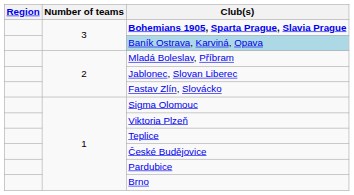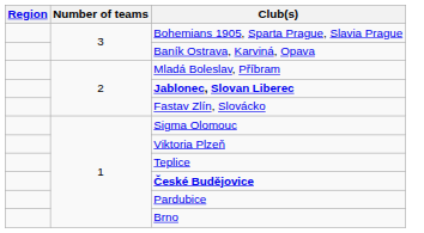 <table class="wikitable">
 <tr>
 <th><a href='#'>Region</a></th>
 <th>Number of teams</th>
 <th>Club(s)</th>
 </tr>
 <tr>
 <td></td>
 <td align="center" rowspan=2>3</td>
-<td><strong><a href='#'>Bohemians 1905</a>, <a href='#'>Sparta Prague</a>, <a href='#'>Slavia Prague</a></strong></td>
+<td><a href='#'>Bohemians 1905</a>, <a href='#'>Sparta Prague</a>, <a href='#'>Slavia Prague</a></td>
 </tr>
 <tr>
 <td></td>
-<td style="background: lightblue;"><a href='#'>Baník Ostrava</a>, <a href='#'>Karviná</a>, <a href='#'>Opava</a></td>
+<td><a href='#'>Baník Ostrava</a>, <a href='#'>Karviná</a>, <a href='#'>Opava</a></td>
 </tr>
 <tr>
 <td></td>
 <td align="center" rowspan=3>2</td>
 <td><a href='#'>Mladá Boleslav</a>, <a href='#'>Příbram</a></td>
 </tr>
 <tr>
 <td></td>
-<td><a href='#'>Jablonec</a>, <a href='#'>Slovan Liberec</a></td>
+<td><strong><a href='#'>Jablonec</a>, <a href='#'>Slovan Liberec</a></strong></td>
 </tr>
 <tr>
 <td></td>
 <td><a href='#'>Fastav Zlín</a>, <a href='#'>Slovácko</a></td>
 </tr>
 <tr>
 <td></td>
 <td align="center" rowspan=6>1</td>
 <td><a href='#'>Sigma Olomouc</a></td>
 </tr>
 <tr>
 <td></td>
 <td><a href='#'>Viktoria Plzeň</a></td>
 </tr>
 <tr>
 <td></td>
 <td><a href='#'>Teplice</a></td>
 </tr>
 <tr>
 <td></td>
-<td><a href='#'>České Budějovice</a></td>
+<td><strong><a href='#'>České Budějovice</a></strong></td>
 </tr>
 <tr>
 <td></td>
 <td><a href='#'>Pardubice</a></td>
 </tr>
 <tr>
 <td></td>
 <td><a href='#'>Brno</a></td>
 </tr>
 </table>
